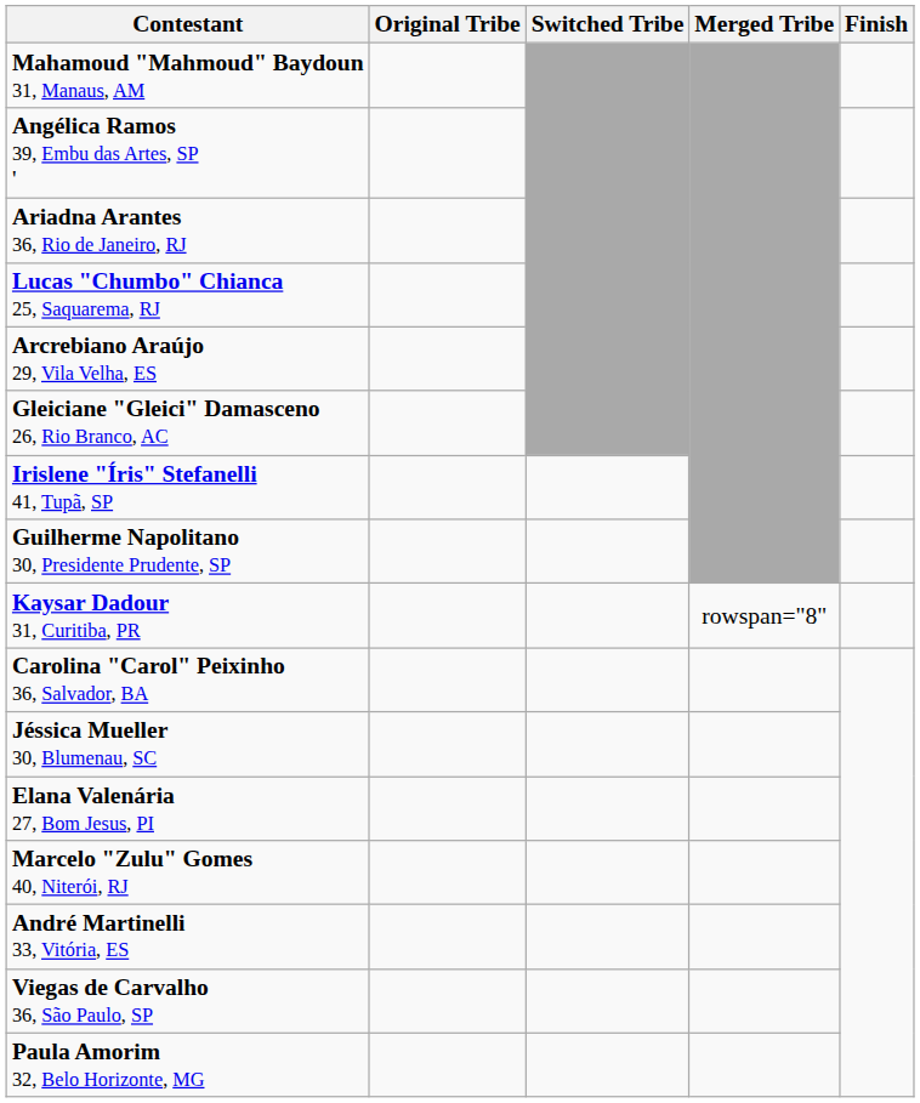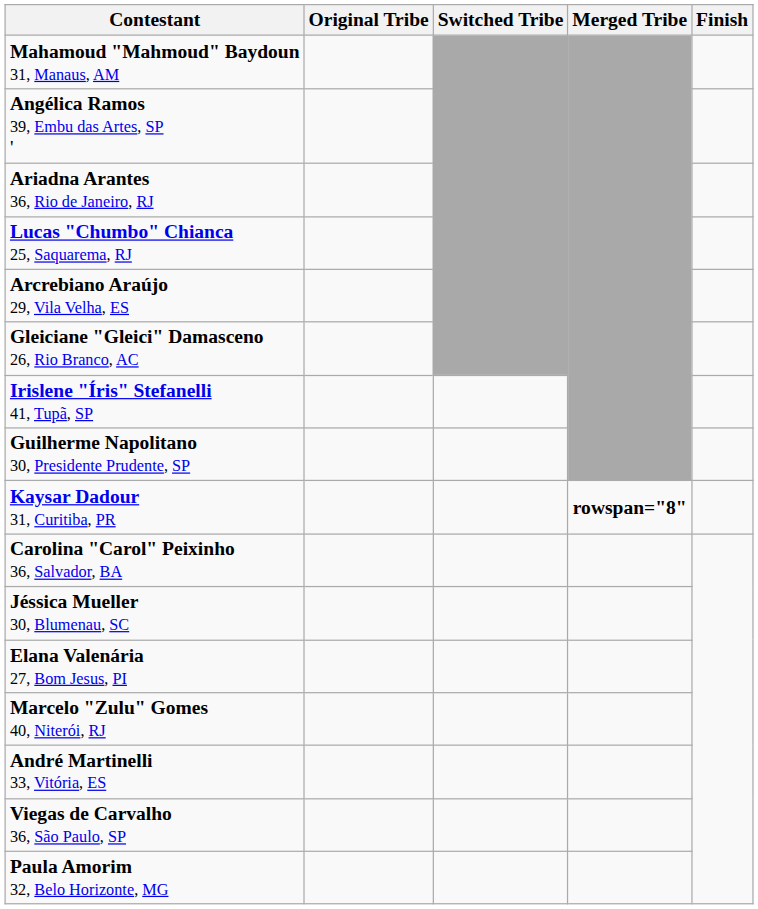 <table class="wikitable sortable" style="margin:auto; text-align:center">
 <tr>
 <th>Contestant</th>
 <th>Original Tribe</th>
 <th>Switched Tribe</th>
 <th>Merged Tribe</th>
 <th>Finish</th>
 </tr>
 <tr>
 <td align="left"><strong>Mahamoud "Mahmoud" Baydoun</strong><br><small>31, <a href='#'>Manaus</a>, <a href='#'>AM</a></small><br></td>
 <td></td>
 <td rowspan="6" bgcolor="darkgray"></td>
 <td rowspan="8" bgcolor="darkgray"></td>
 <td></td>
 </tr>
 <tr>
 <td align="left"><strong>Angélica Ramos</strong><br><small>39, <a href='#'>Embu das Artes</a>, <a href='#'>SP</a></small><br>'</td>
 <td></td>
 <td></td>
 </tr>
 <tr>
 <td align="left"><strong>Ariadna Arantes</strong><br><small>36, <a href='#'>Rio de Janeiro</a>, <a href='#'>RJ</a></small><br></td>
 <td></td>
 <td></td>
 </tr>
 <tr>
 <td align="left"><strong><a href='#'>Lucas "Chumbo" Chianca</a></strong><br><small>25, <a href='#'>Saquarema</a>, <a href='#'>RJ</a></small><br></td>
 <td></td>
 <td></td>
 </tr>
 <tr>
 <td align="left"><strong>Arcrebiano Araújo</strong><br><small>29, <a href='#'>Vila Velha</a>, <a href='#'>ES</a></small><br></td>
 <td></td>
 <td></td>
 </tr>
 <tr>
 <td align="left"><strong>Gleiciane "Gleici" Damasceno</strong><br><small>26, <a href='#'>Rio Branco</a>, <a href='#'>AC</a></small><br></td>
 <td></td>
 <td></td>
 </tr>
 <tr>
 <td align="left"><strong><a href='#'>Irislene "Íris" Stefanelli</a></strong><br><small>41, <a href='#'>Tupã</a>, <a href='#'>SP</a></small><br></td>
 <td></td>
 <td></td>
 <td></td>
 </tr>
 <tr>
 <td align="left"><strong>Guilherme Napolitano</strong><br><small>30, <a href='#'>Presidente Prudente</a>, <a href='#'>SP</a></small><br></td>
 <td></td>
 <td></td>
 <td></td>
 </tr>
 <tr>
 <td align="left"><strong><a href='#'>Kaysar Dadour</a></strong><br><small>31, <a href='#'>Curitiba</a>, <a href='#'>PR</a></small><br></td>
 <td></td>
 <td></td>
-<td>rowspan="8" </td>
+<td><strong>rowspan="8" </strong></td>
 <td></td>
 </tr>
 <tr>
 <td align="left"><strong>Carolina "Carol" Peixinho</strong><br><small>36, <a href='#'>Salvador</a>, <a href='#'>BA</a></small><br></td>
 <td></td>
 <td></td>
 <td></td>
 </tr>
 <tr>
 <td align="left"><strong>Jéssica Mueller</strong><br><small>30, <a href='#'>Blumenau</a>, <a href='#'>SC</a></small><br></td>
 <td></td>
 <td></td>
 <td></td>
 </tr>
 <tr>
 <td align="left"><strong>Elana Valenária</strong><br><small>27, <a href='#'>Bom Jesus</a>, <a href='#'>PI</a></small><br></td>
 <td></td>
 <td></td>
 <td></td>
 </tr>
 <tr>
 <td align="left"><strong>Marcelo "Zulu" Gomes</strong><br><small>40, <a href='#'>Niterói</a>, <a href='#'>RJ</a></small><br></td>
 <td></td>
 <td></td>
 <td></td>
 </tr>
 <tr>
 <td align="left"><strong>André Martinelli</strong><br><small>33, <a href='#'>Vitória</a>, <a href='#'>ES</a></small><br></td>
 <td></td>
 <td></td>
 <td></td>
 </tr>
 <tr>
 <td align="left"><strong>Viegas de Carvalho</strong><br><small>36, <a href='#'>São Paulo</a>, <a href='#'>SP</a></small><br></td>
 <td></td>
 <td></td>
 <td></td>
 </tr>
 <tr>
 <td align="left"><strong>Paula Amorim</strong><br><small>32, <a href='#'>Belo Horizonte</a>, <a href='#'>MG</a></small><br></td>
 <td></td>
 <td></td>
 <td></td>
 </tr>
 </table>
